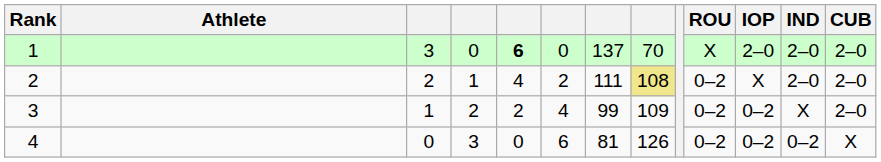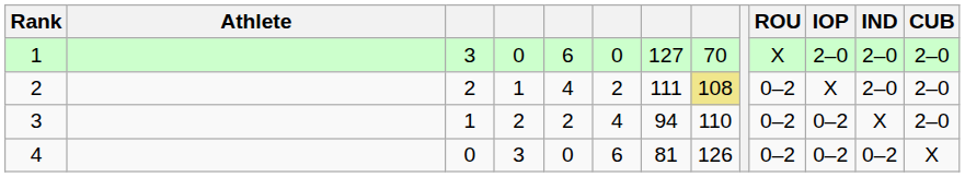 <table class="wikitable" style="text-align:center">
 <tr>
 <th width=40>Rank</th>
 <th width=280>Athlete</th>
 <th width=30></th>
 <th width=30></th>
 <th width=30></th>
 <th width=30></th>
 <th width=30></th>
 <th width=30></th>
 <th rowspan=5></th>
 <th width=30>ROU</th>
 <th width=30>IOP</th>
 <th width=30>IND</th>
 <th width=30>CUB</th>
 </tr>
 <tr style="background-color:#ccffcc;">
 <td>1</td>
 <td align=left></td>
 <td>3</td>
 <td>0</td>
-<td><strong>6</strong></td>
+<td>6</td>
 <td>0</td>
-<td>137</td>
+<td>127</td>
 <td>70</td>
 <td>X</td>
 <td>2–0</td>
 <td>2–0</td>
 <td>2–0</td>
 </tr>
 <tr>
 <td>2</td>
 <td align=left></td>
 <td>2</td>
 <td>1</td>
 <td>4</td>
 <td>2</td>
 <td>111</td>
 <td style="background: khaki;">108</td>
 <td>0–2</td>
 <td>X</td>
 <td>2–0</td>
 <td>2–0</td>
 </tr>
 <tr>
 <td>3</td>
 <td align=left></td>
 <td>1</td>
 <td>2</td>
 <td>2</td>
 <td>4</td>
-<td>99</td>
-<td>109</td>
+<td>94</td>
+<td>110</td>
 <td>0–2</td>
 <td>0–2</td>
 <td>X</td>
 <td>2–0</td>
 </tr>
 <tr>
 <td>4</td>
 <td align=left></td>
 <td>0</td>
 <td>3</td>
 <td>0</td>
 <td>6</td>
 <td>81</td>
 <td>126</td>
 <td>0–2</td>
 <td>0–2</td>
 <td>0–2</td>
 <td>X</td>
 </tr>
 </table>
